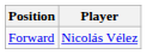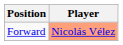 <table class="wikitable sortable">
 <tr>
 <th>Position</th>
 <th>Player</th>
 </tr>
 <tr>
 <td><a href='#'>Forward</a></td>
-<td> <a href='#'>Nicolás Vélez</a></td>
+<td style="background: lightsalmon;"> <a href='#'>Nicolás Vélez</a></td>
 </tr>
 </table>
